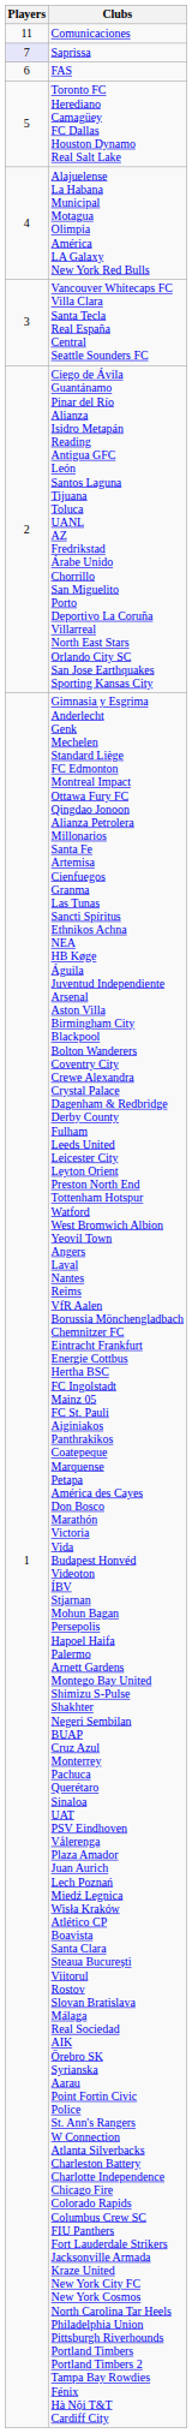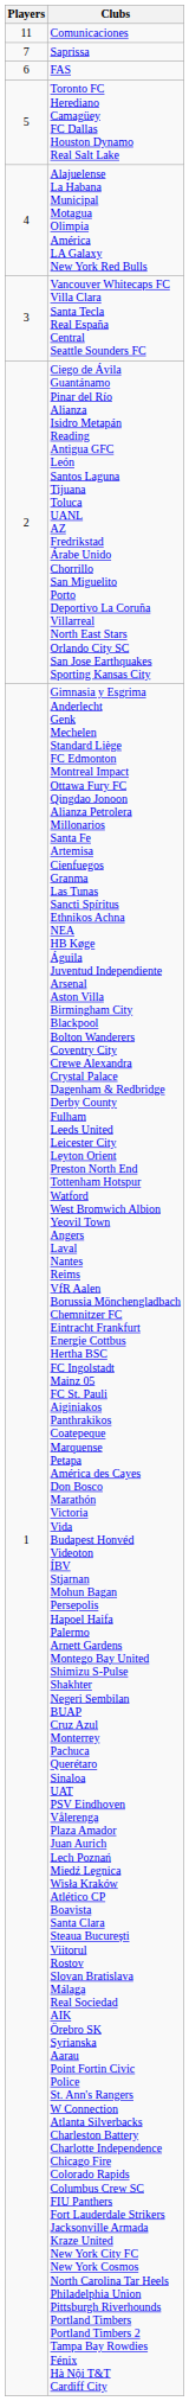 <table class="wikitable">
 <tr>
 <th>Players</th>
 <th>Clubs</th>
 </tr>
 <tr>
 <td align=center>11</td>
 <td> <a href='#'>Comunicaciones</a></td>
 </tr>
 <tr>
-<td align=center style="background: lavender;">7</td>
+<td align=center>7</td>
 <td> <a href='#'>Saprissa</a></td>
 </tr>
 <tr>
 <td align=center>6</td>
 <td> <a href='#'>FAS</a></td>
 </tr>
 <tr>
 <td align=center>5</td>
 <td> <a href='#'>Toronto FC</a><br> <a href='#'>Herediano</a><br> <a href='#'>Camagüey</a><br> <a href='#'>FC Dallas</a><br> <a href='#'>Houston Dynamo</a><br> <a href='#'>Real Salt Lake</a></td>
 </tr>
 <tr>
 <td align=center>4</td>
 <td> <a href='#'>Alajuelense</a><br> <a href='#'>La Habana</a><br> <a href='#'>Municipal</a><br> <a href='#'>Motagua</a><br> <a href='#'>Olimpia</a><br> <a href='#'>América</a><br> <a href='#'>LA Galaxy</a><br> <a href='#'>New York Red Bulls</a></td>
 </tr>
 <tr>
 <td align=center>3</td>
 <td> <a href='#'>Vancouver Whitecaps FC</a><br> <a href='#'>Villa Clara</a><br> <a href='#'>Santa Tecla</a><br> <a href='#'>Real España</a><br> <a href='#'>Central</a><br> <a href='#'>Seattle Sounders FC</a></td>
 </tr>
 <tr>
 <td align=center>2</td>
 <td> <a href='#'>Ciego de Ávila</a><br> <a href='#'>Guantánamo</a><br> <a href='#'>Pinar del Río</a><br> <a href='#'>Alianza</a><br> <a href='#'>Isidro Metapán</a><br> <a href='#'>Reading</a><br> <a href='#'>Antigua GFC</a><br> <a href='#'>León</a><br> <a href='#'>Santos Laguna</a><br> <a href='#'>Tijuana</a><br> <a href='#'>Toluca</a><br> <a href='#'>UANL</a><br> <a href='#'>AZ</a><br> <a href='#'>Fredrikstad</a><br> <a href='#'>Árabe Unido</a><br> <a href='#'>Chorrillo</a><br> <a href='#'>San Miguelito</a><br> <a href='#'>Porto</a><br> <a href='#'>Deportivo La Coruña</a><br> <a href='#'>Villarreal</a><br> <a href='#'>North East Stars</a><br> <a href='#'>Orlando City SC</a><br> <a href='#'>San Jose Earthquakes</a><br> <a href='#'>Sporting Kansas City</a></td>
 </tr>
 <tr>
 <td align=center>1</td>
 <td> <a href='#'>Gimnasia y Esgrima</a><br> <a href='#'>Anderlecht</a><br> <a href='#'>Genk</a><br> <a href='#'>Mechelen</a><br> <a href='#'>Standard Liège</a><br> <a href='#'>FC Edmonton</a><br> <a href='#'>Montreal Impact</a><br> <a href='#'>Ottawa Fury FC</a><br> <a href='#'>Qingdao Jonoon</a><br> <a href='#'>Alianza Petrolera</a><br> <a href='#'>Millonarios</a><br> <a href='#'>Santa Fe</a><br> <a href='#'>Artemisa</a><br> <a href='#'>Cienfuegos</a><br> <a href='#'>Granma</a><br> <a href='#'>Las Tunas</a><br> <a href='#'>Sancti Spíritus</a><br> <a href='#'>Ethnikos Achna</a><br> <a href='#'>NEA</a><br> <a href='#'>HB Køge</a><br> <a href='#'>Águila</a><br> <a href='#'>Juventud Independiente</a><br> <a href='#'>Arsenal</a><br> <a href='#'>Aston Villa</a><br> <a href='#'>Birmingham City</a><br> <a href='#'>Blackpool</a><br> <a href='#'>Bolton Wanderers</a><br> <a href='#'>Coventry City</a><br> <a href='#'>Crewe Alexandra</a><br> <a href='#'>Crystal Palace</a><br> <a href='#'>Dagenham & Redbridge</a><br> <a href='#'>Derby County</a><br> <a href='#'>Fulham</a><br> <a href='#'>Leeds United</a><br> <a href='#'>Leicester City</a><br> <a href='#'>Leyton Orient</a><br> <a href='#'>Preston North End</a><br> <a href='#'>Tottenham Hotspur</a><br> <a href='#'>Watford</a><br> <a href='#'>West Bromwich Albion</a><br> <a href='#'>Yeovil Town</a><br> <a href='#'>Angers</a><br> <a href='#'>Laval</a><br> <a href='#'>Nantes</a><br> <a href='#'>Reims</a><br> <a href='#'>VfR Aalen</a><br> <a href='#'>Borussia Mönchengladbach</a><br> <a href='#'>Chemnitzer FC</a><br> <a href='#'>Eintracht Frankfurt</a><br> <a href='#'>Energie Cottbus</a><br> <a href='#'>Hertha BSC</a><br> <a href='#'>FC Ingolstadt</a><br> <a href='#'>Mainz 05</a><br> <a href='#'>FC St. Pauli</a><br> <a href='#'>Aiginiakos</a><br> <a href='#'>Panthrakikos</a><br> <a href='#'>Coatepeque</a><br> <a href='#'>Marquense</a><br> <a href='#'>Petapa</a><br> <a href='#'>América des Cayes</a><br> <a href='#'>Don Bosco</a><br> <a href='#'>Marathón</a><br> <a href='#'>Victoria</a><br> <a href='#'>Vida</a><br> <a href='#'>Budapest Honvéd</a><br> <a href='#'>Videoton</a><br> <a href='#'>ÍBV</a><br> <a href='#'>Stjarnan</a><br> <a href='#'>Mohun Bagan</a><br> <a href='#'>Persepolis</a><br> <a href='#'>Hapoel Haifa</a><br> <a href='#'>Palermo</a><br> <a href='#'>Arnett Gardens</a><br> <a href='#'>Montego Bay United</a><br> <a href='#'>Shimizu S-Pulse</a><br> <a href='#'>Shakhter</a><br> <a href='#'>Negeri Sembilan</a><br> <a href='#'>BUAP</a><br> <a href='#'>Cruz Azul</a><br> <a href='#'>Monterrey</a><br> <a href='#'>Pachuca</a><br> <a href='#'>Querétaro</a><br> <a href='#'>Sinaloa</a><br> <a href='#'>UAT</a><br> <a href='#'>PSV Eindhoven</a><br> <a href='#'>Vålerenga</a><br> <a href='#'>Plaza Amador</a><br> <a href='#'>Juan Aurich</a><br> <a href='#'>Lech Poznań</a><br> <a href='#'>Miedź Legnica</a><br> <a href='#'>Wisła Kraków</a><br> <a href='#'>Atlético CP</a><br> <a href='#'>Boavista</a><br> <a href='#'>Santa Clara</a><br> <a href='#'>Steaua București</a><br> <a href='#'>Viitorul</a><br> <a href='#'>Rostov</a><br> <a href='#'>Slovan Bratislava</a><br> <a href='#'>Málaga</a><br> <a href='#'>Real Sociedad</a><br> <a href='#'>AIK</a><br> <a href='#'>Örebro SK</a><br> <a href='#'>Syrianska</a><br> <a href='#'>Aarau</a><br> <a href='#'>Point Fortin Civic</a><br> <a href='#'>Police</a><br> <a href='#'>St. Ann's Rangers</a><br> <a href='#'>W Connection</a><br> <a href='#'>Atlanta Silverbacks</a><br> <a href='#'>Charleston Battery</a><br> <a href='#'>Charlotte Independence</a><br> <a href='#'>Chicago Fire</a><br> <a href='#'>Colorado Rapids</a><br> <a href='#'>Columbus Crew SC</a><br> <a href='#'>FIU Panthers</a><br> <a href='#'>Fort Lauderdale Strikers</a><br> <a href='#'>Jacksonville Armada</a><br> <a href='#'>Kraze United</a><br> <a href='#'>New York City FC</a><br> <a href='#'>New York Cosmos</a><br> <a href='#'>North Carolina Tar Heels</a><br> <a href='#'>Philadelphia Union</a><br> <a href='#'>Pittsburgh Riverhounds</a><br> <a href='#'>Portland Timbers</a><br> <a href='#'>Portland Timbers 2</a><br> <a href='#'>Tampa Bay Rowdies</a><br> <a href='#'>Fénix</a><br> <a href='#'>Hà Nội T&T</a><br> <a href='#'>Cardiff City</a></td>
 </tr>
 </table>
